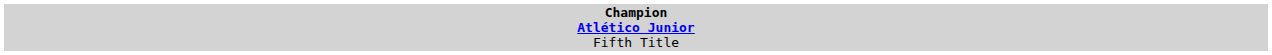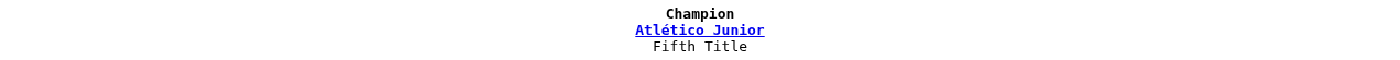 <table cellspacing=0 width=100%>
 <tr>
 <td align=center><br><br></td>
 </tr>
 <tr>
-<td align=center style="background: lightgrey;"><strong>Champion<br><a href='#'>Atlético Junior</a></strong><br>Fifth Title</td>
+<td align=center><strong>Champion<br><a href='#'>Atlético Junior</a></strong><br>Fifth Title</td>
 </tr>
 </table>
